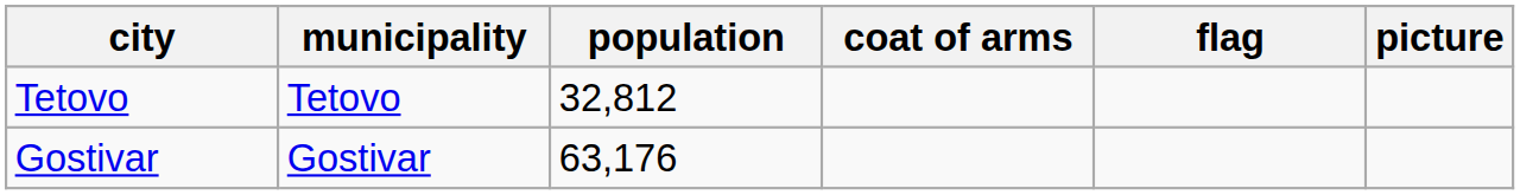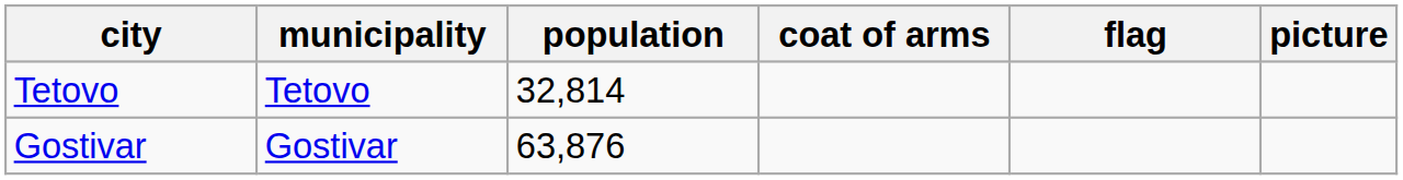 <table class="wikitable sortable" style="font-size:95%;">
 <tr>
 <th width="100px">city</th>
 <th width="100px">municipality</th>
 <th width="100px">population</th>
 <th width="100px">coat of arms</th>
 <th width="100px">flag</th>
 <th width="1o0px">picture</th>
 </tr>
 <tr>
 <td><a href='#'>Tetovo</a></td>
 <td><a href='#'>Tetovo</a></td>
-<td>32,812</td>
+<td>32,814</td>
 <td></td>
 <td></td>
 <td></td>
 </tr>
 <tr>
 <td><a href='#'>Gostivar</a></td>
 <td><a href='#'>Gostivar</a></td>
-<td>63,176</td>
+<td>63,876</td>
 <td></td>
 <td></td>
 <td></td>
 </tr>
 </table>
